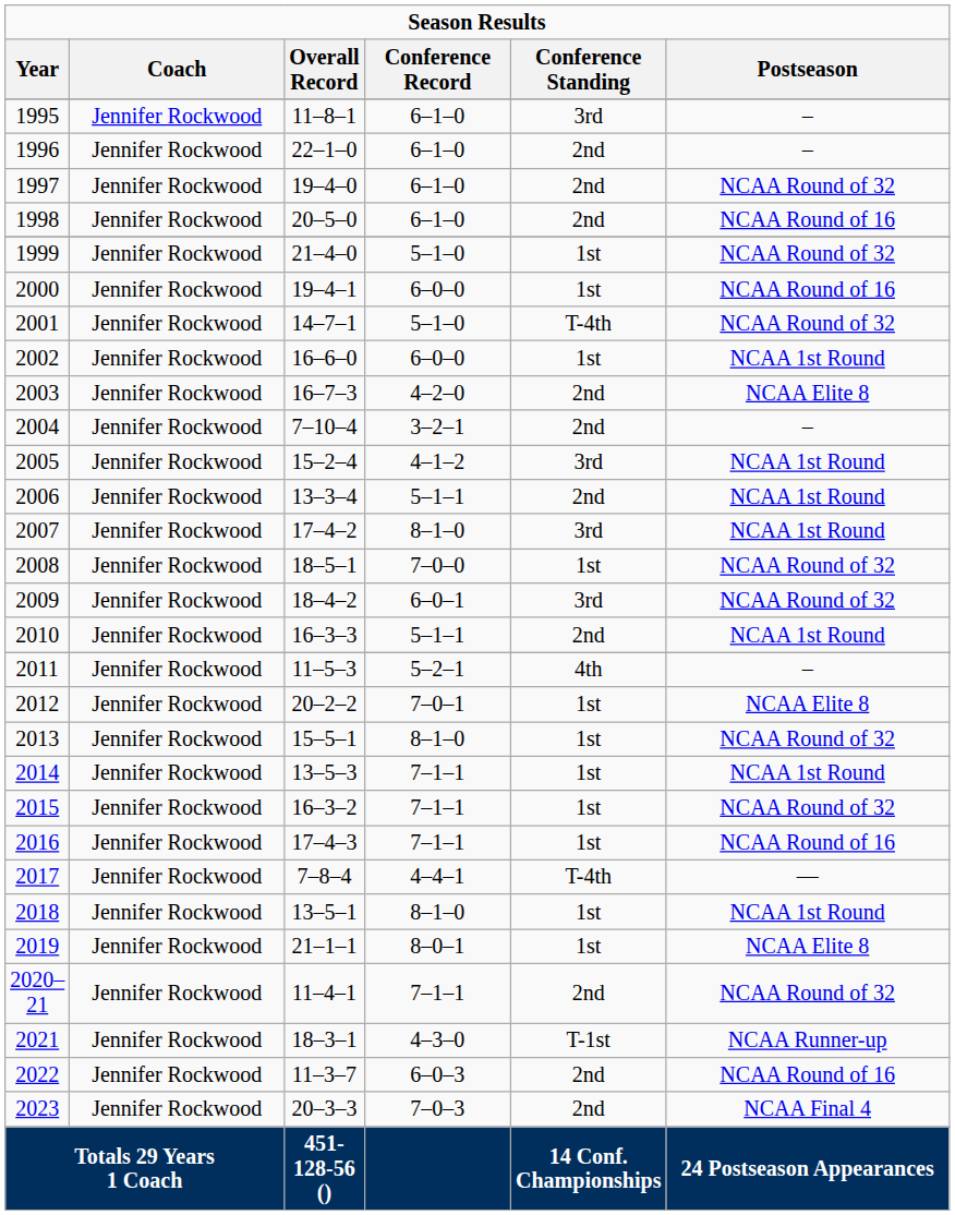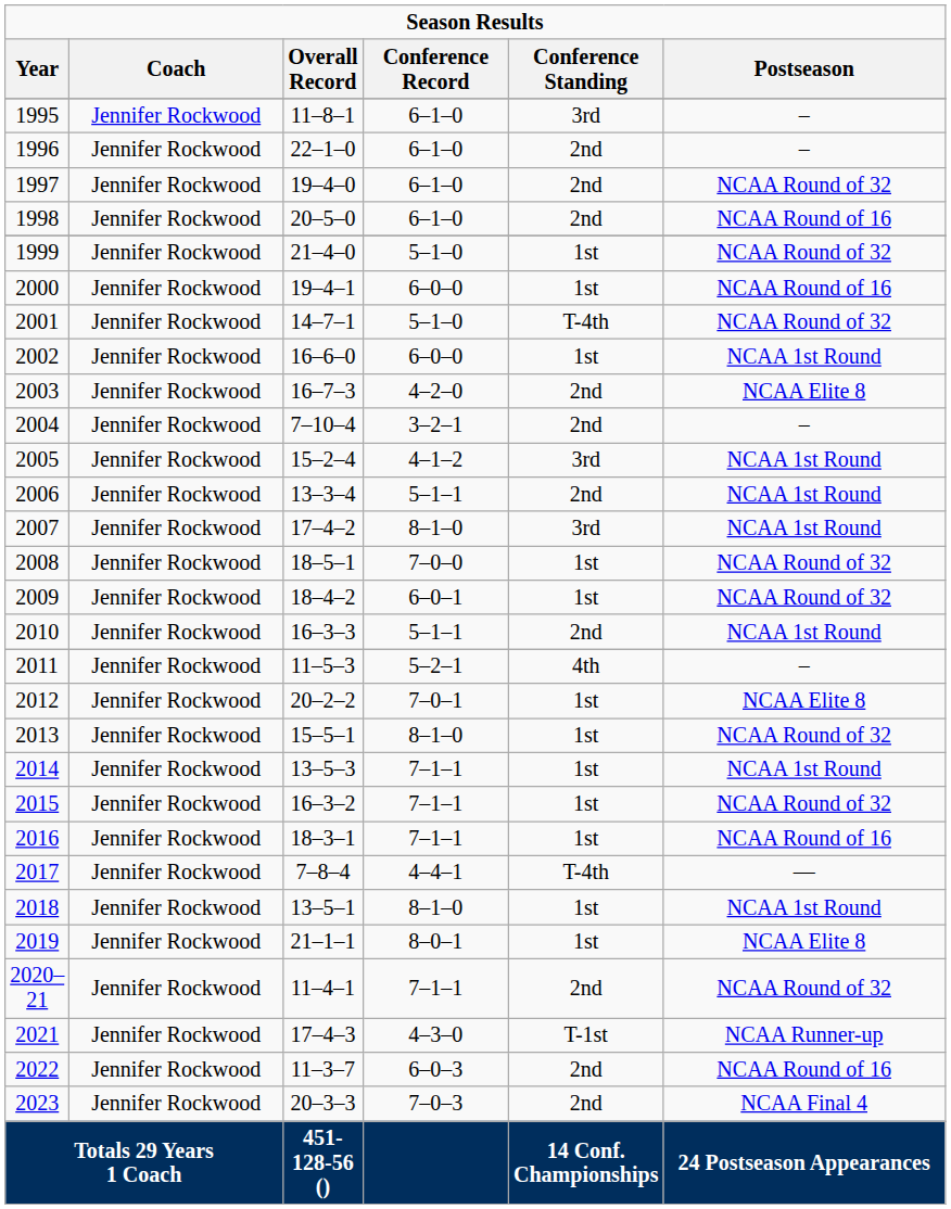 <table class="wikitable sortable" style="text-align:center">
 <tr>
 <td colspan="6"><strong>Season Results</strong></td>
 </tr>
 <tr>
 <th style="width:40px; ">Year</th>
 <th style="width:150px; ">Coach</th>
 <th style="width:40px; ">Overall Record</th>
 <th style="width:100px; ">Conference Record</th>
 <th style="width:40px; ">Conference Standing</th>
 <th style="width:200px; ">Postseason</th>
 </tr>
 <tr>
 </tr>
 <tr>
 <td>1995</td>
 <td><a href='#'>Jennifer Rockwood</a></td>
 <td>11–8–1</td>
 <td>6–1–0</td>
 <td>3rd</td>
 <td>–</td>
 </tr>
 <tr>
 <td>1996</td>
 <td>Jennifer Rockwood</td>
 <td>22–1–0</td>
 <td>6–1–0</td>
 <td>2nd</td>
 <td>–</td>
 </tr>
 <tr>
 <td>1997</td>
 <td>Jennifer Rockwood</td>
 <td>19–4–0</td>
 <td>6–1–0</td>
 <td>2nd</td>
 <td><a href='#'>NCAA Round of 32</a></td>
 </tr>
 <tr>
 <td>1998</td>
 <td>Jennifer Rockwood</td>
 <td>20–5–0</td>
 <td>6–1–0</td>
 <td>2nd</td>
 <td><a href='#'>NCAA Round of 16</a></td>
 </tr>
 <tr>
 </tr>
 <tr>
 <td>1999</td>
 <td>Jennifer Rockwood</td>
 <td>21–4–0</td>
 <td>5–1–0</td>
 <td>1st</td>
 <td><a href='#'>NCAA Round of 32</a></td>
 </tr>
 <tr>
 <td>2000</td>
 <td>Jennifer Rockwood</td>
 <td>19–4–1</td>
 <td>6–0–0</td>
 <td>1st</td>
 <td><a href='#'>NCAA Round of 16</a></td>
 </tr>
 <tr>
 <td>2001</td>
 <td>Jennifer Rockwood</td>
 <td>14–7–1</td>
 <td>5–1–0</td>
 <td>T-4th</td>
 <td><a href='#'>NCAA Round of 32</a></td>
 </tr>
 <tr>
 <td>2002</td>
 <td>Jennifer Rockwood</td>
 <td>16–6–0</td>
 <td>6–0–0</td>
 <td>1st</td>
 <td><a href='#'>NCAA 1st Round</a></td>
 </tr>
 <tr>
 <td>2003</td>
 <td>Jennifer Rockwood</td>
 <td>16–7–3</td>
 <td>4–2–0</td>
 <td>2nd</td>
 <td><a href='#'>NCAA Elite 8</a></td>
 </tr>
 <tr>
 <td>2004</td>
 <td>Jennifer Rockwood</td>
 <td>7–10–4</td>
 <td>3–2–1</td>
 <td>2nd</td>
 <td>–</td>
 </tr>
 <tr>
 <td>2005</td>
 <td>Jennifer Rockwood</td>
 <td>15–2–4</td>
 <td>4–1–2</td>
 <td>3rd</td>
 <td><a href='#'>NCAA 1st Round</a></td>
 </tr>
 <tr>
 <td>2006</td>
 <td>Jennifer Rockwood</td>
 <td>13–3–4</td>
 <td>5–1–1</td>
 <td>2nd</td>
 <td><a href='#'>NCAA 1st Round</a></td>
 </tr>
 <tr>
 <td>2007</td>
 <td>Jennifer Rockwood</td>
 <td>17–4–2</td>
 <td>8–1–0</td>
 <td>3rd</td>
 <td><a href='#'>NCAA 1st Round</a></td>
 </tr>
 <tr>
 <td>2008</td>
 <td>Jennifer Rockwood</td>
 <td>18–5–1</td>
 <td>7–0–0</td>
 <td>1st</td>
 <td><a href='#'>NCAA Round of 32</a></td>
 </tr>
 <tr>
 <td>2009</td>
 <td>Jennifer Rockwood</td>
 <td>18–4–2</td>
 <td>6–0–1</td>
-<td>3rd</td>
+<td>1st</td>
 <td><a href='#'>NCAA Round of 32</a></td>
 </tr>
 <tr>
 <td>2010</td>
 <td>Jennifer Rockwood</td>
 <td>16–3–3</td>
 <td>5–1–1</td>
 <td>2nd</td>
 <td><a href='#'>NCAA 1st Round</a></td>
 </tr>
 <tr>
 </tr>
 <tr>
 <td>2011</td>
 <td>Jennifer Rockwood</td>
 <td>11–5–3</td>
 <td>5–2–1</td>
 <td>4th</td>
 <td>–</td>
 </tr>
 <tr>
 <td>2012</td>
 <td>Jennifer Rockwood</td>
 <td>20–2–2</td>
 <td>7–0–1</td>
 <td>1st</td>
 <td><a href='#'>NCAA Elite 8</a></td>
 </tr>
 <tr>
 <td>2013</td>
 <td>Jennifer Rockwood</td>
 <td>15–5–1</td>
 <td>8–1–0</td>
 <td>1st</td>
 <td><a href='#'>NCAA Round of 32</a></td>
 </tr>
 <tr>
 <td><a href='#'>2014</a></td>
 <td>Jennifer Rockwood</td>
 <td>13–5–3</td>
 <td>7–1–1</td>
 <td>1st</td>
 <td><a href='#'>NCAA 1st Round</a></td>
 </tr>
 <tr>
 <td><a href='#'>2015</a></td>
 <td>Jennifer Rockwood</td>
 <td>16–3–2</td>
 <td>7–1–1</td>
 <td>1st</td>
 <td><a href='#'>NCAA Round of 32</a></td>
 </tr>
 <tr>
 <td><a href='#'>2016</a></td>
 <td>Jennifer Rockwood</td>
-<td>17–4–3</td>
+<td>18–3–1</td>
 <td>7–1–1</td>
 <td>1st</td>
 <td><a href='#'>NCAA Round of 16</a></td>
 </tr>
 <tr>
 <td><a href='#'>2017</a></td>
 <td>Jennifer Rockwood</td>
 <td>7–8–4</td>
 <td>4–4–1</td>
 <td>T-4th</td>
 <td>—</td>
 </tr>
 <tr>
 <td><a href='#'>2018</a></td>
 <td>Jennifer Rockwood</td>
 <td>13–5–1</td>
 <td>8–1–0</td>
 <td>1st</td>
 <td><a href='#'>NCAA 1st Round</a></td>
 </tr>
 <tr>
 <td><a href='#'>2019</a></td>
 <td>Jennifer Rockwood</td>
 <td>21–1–1</td>
 <td>8–0–1</td>
 <td>1st</td>
 <td><a href='#'>NCAA Elite 8</a></td>
 </tr>
 <tr>
 <td><a href='#'>2020–21</a></td>
 <td>Jennifer Rockwood</td>
 <td>11–4–1</td>
 <td>7–1–1</td>
 <td>2nd</td>
 <td><a href='#'>NCAA Round of 32</a></td>
 </tr>
 <tr>
 <td><a href='#'>2021</a></td>
 <td>Jennifer Rockwood</td>
-<td>18–3–1</td>
+<td>17–4–3</td>
 <td>4–3–0</td>
 <td>T-1st</td>
 <td><a href='#'>NCAA Runner-up</a></td>
 </tr>
 <tr>
 <td><a href='#'>2022</a></td>
 <td>Jennifer Rockwood</td>
 <td>11–3–7</td>
 <td>6–0–3</td>
 <td>2nd</td>
 <td><a href='#'>NCAA Round of 16</a><br></td>
 </tr>
 <tr>
 <td><a href='#'>2023</a></td>
 <td>Jennifer Rockwood</td>
 <td>20–3–3</td>
 <td>7–0–3</td>
 <td>2nd</td>
 <td><a href='#'>NCAA Final 4</a></td>
 </tr>
 <tr>
 </tr>
 <tr style="text-align:center; background:#002E5D; color:white;">
 <td colspan="2"><strong>Totals 29 Years<br>1 Coach</strong></td>
 <td><strong>451-128-56 ()</strong></td>
 <td></td>
 <td><strong>14 Conf. Championships</strong></td>
 <td><strong>24 Postseason Appearances</strong></td>
 </tr>
 <tr>
 </tr>
 </table>
